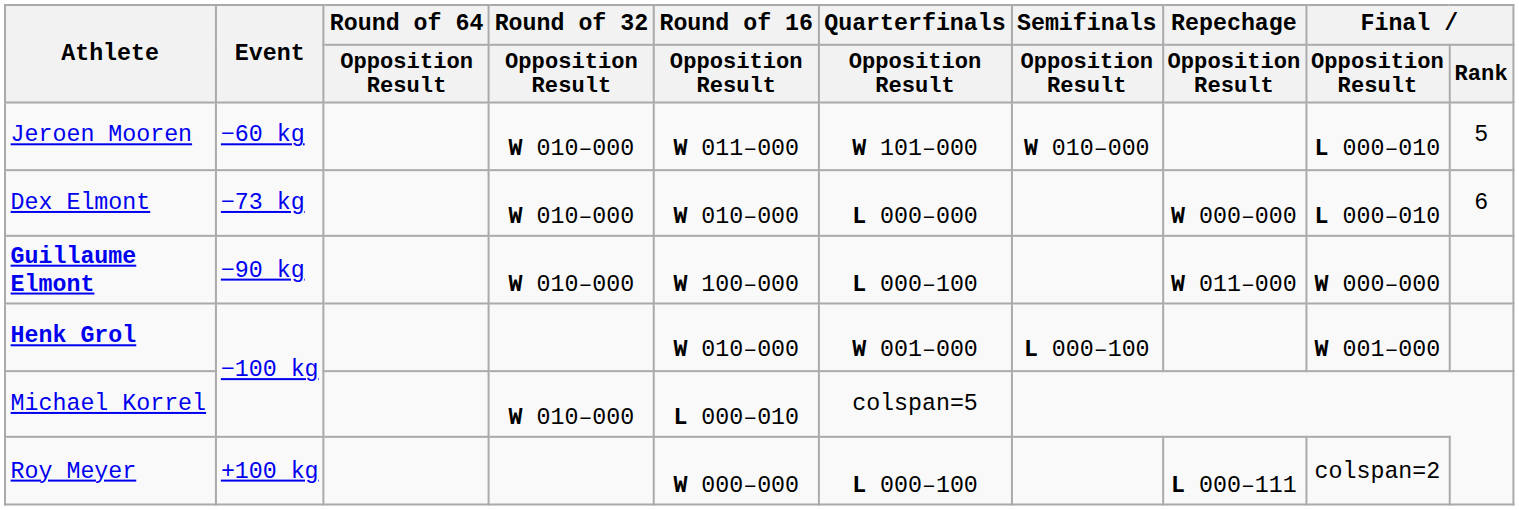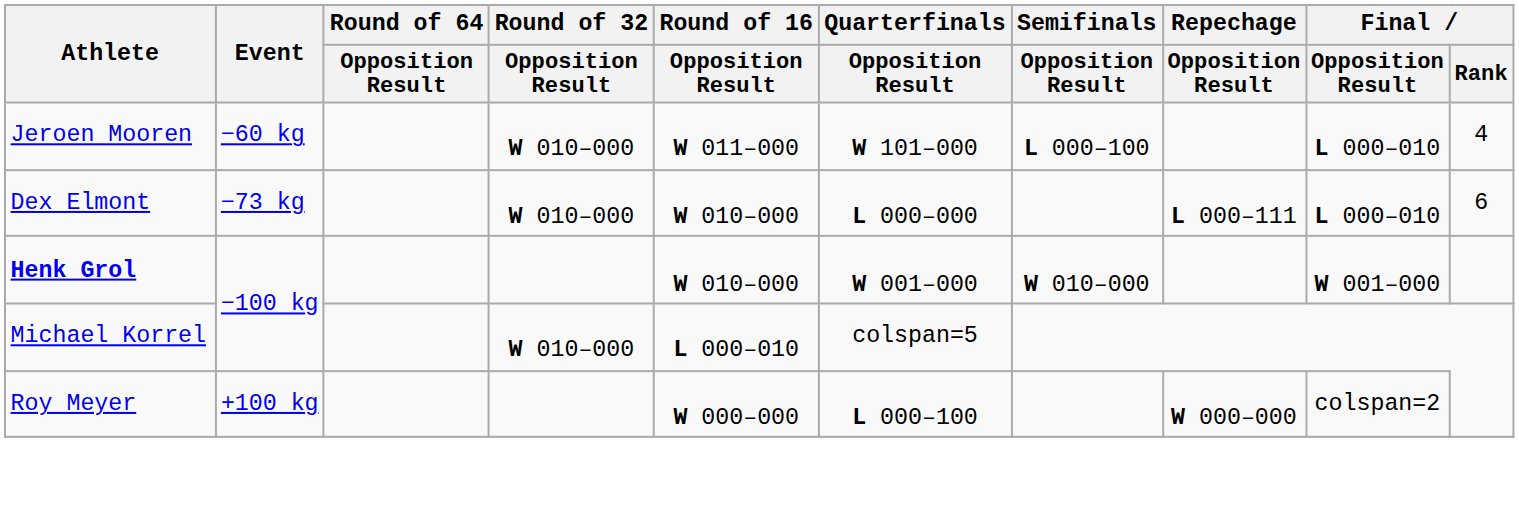 <table class="wikitable" style="text-align:center; font-size:90%">
 <tr>
 <th rowspan=2 width=100>Athlete</th>
 <th rowspan=2>Event</th>
 <th>Round of 64</th>
 <th>Round of 32</th>
 <th>Round of 16</th>
 <th>Quarterfinals</th>
 <th>Semifinals</th>
 <th>Repechage</th>
 <th colspan=2>Final / </th>
 </tr>
 <tr style="font-size:95%">
 <th>Opposition<br>Result</th>
 <th>Opposition<br>Result</th>
 <th>Opposition<br>Result</th>
 <th>Opposition<br>Result</th>
 <th>Opposition<br>Result</th>
 <th>Opposition<br>Result</th>
 <th>Opposition<br>Result</th>
 <th>Rank</th>
 </tr>
 <tr>
 <td align=left><a href='#'>Jeroen Mooren</a></td>
 <td align=left><a href='#'>−60 kg</a></td>
 <td></td>
 <td><br><strong>W</strong> 010–000</td>
 <td><br><strong>W</strong> 011–000</td>
 <td><br><strong>W</strong> 101–000</td>
-<td><br><strong>W</strong> 010–000</td>
+<td><br><strong>L</strong> 000–100</td>
 <td></td>
 <td><br><strong>L</strong> 000–010</td>
-<td>5</td>
+<td>4</td>
 </tr>
 <tr>
 <td align=left><a href='#'>Dex Elmont</a></td>
 <td align=left><a href='#'>−73 kg</a></td>
 <td></td>
 <td><br><strong>W</strong> 010–000</td>
 <td><br><strong>W</strong> 010–000</td>
 <td><br><strong>L</strong> 000–000</td>
 <td></td>
-<td><br><strong>W</strong> 000–000</td>
+<td><br><strong>L</strong> 000–111</td>
 <td><br><strong>L</strong> 000–010</td>
 <td>6</td>
-</tr>
-<tr>
-<td align=left><strong><a href='#'>Guillaume Elmont</a></strong></td>
-<td align=left><a href='#'>−90 kg</a></td>
-<td></td>
-<td><br><strong>W</strong> 010–000</td>
-<td><br><strong>W</strong> 100–000</td>
-<td><br><strong>L</strong> 000–100</td>
-<td></td>
-<td><br><strong>W</strong> 011–000</td>
-<td><br><strong>W</strong> 000–000</td>
-<td></td>
 </tr>
 <tr>
 <td align=left><strong><a href='#'>Henk Grol</a></strong></td>
 <td align=left rowspan=2><a href='#'>−100 kg</a></td>
 <td></td>
 <td></td>
 <td><br><strong>W</strong> 010–000</td>
 <td><br><strong>W</strong> 001–000</td>
-<td><br><strong>L</strong> 000–100</td>
+<td><br><strong>W</strong> 010–000</td>
 <td></td>
 <td><br><strong>W</strong> 001–000</td>
 <td></td>
 </tr>
 <tr>
 <td align=left><a href='#'>Michael Korrel</a></td>
 <td></td>
 <td><br><strong>W</strong> 010–000</td>
 <td><br><strong>L</strong> 000–010</td>
 <td>colspan=5 </td>
 </tr>
 <tr>
 <td align=left><a href='#'>Roy Meyer</a></td>
 <td align=left><a href='#'>+100 kg</a></td>
 <td></td>
 <td></td>
 <td><br><strong>W</strong> 000–000</td>
 <td><br><strong>L</strong> 000–100</td>
 <td></td>
-<td><br><strong>L</strong> 000–111</td>
+<td><br><strong>W</strong> 000–000</td>
 <td>colspan=2 </td>
 </tr>
 </table>
